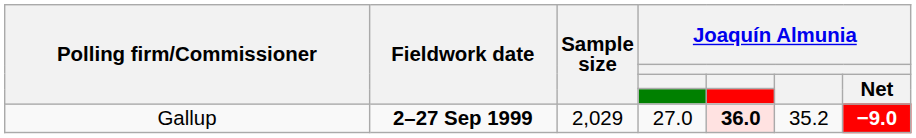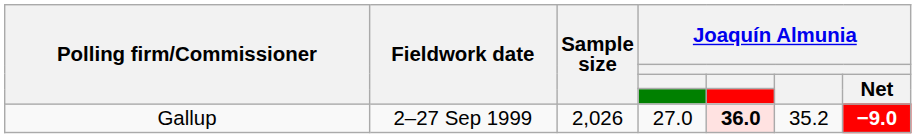 <table class="wikitable collapsible collapsed" style="text-align:center; font-size:90%; line-height:14px;">
 <tr style="height:42px;">
 <th style="width:250px;" rowspan="4">Polling firm/Commissioner</th>
 <th style="width:125px;" rowspan="4">Fieldwork date</th>
 <th style="width:50px;" rowspan="4">Sample size</th>
 <th style="width:185px;" colspan="4"><a href='#'>Joaquín Almunia</a><br></th>
 </tr>
 <tr>
 <th colspan="4" style="background:"></th>
 </tr>
 <tr>
 <th style="width:30px;"></th>
 <th style="width:30px;"></th>
 <th style="width:30px;" rowspan="2"></th>
 <th style="width:30px;" rowspan="2">Net</th>
 </tr>
 <tr>
 <th style="color:inherit;background:#008000;"></th>
 <th style="color:inherit;background:#FF0000;"></th>
 </tr>
 <tr>
 <td>Gallup</td>
-<td><strong>2–27 Sep 1999</strong></td>
-<td>2,029</td>
+<td>2–27 Sep 1999</td>
+<td>2,026</td>
 <td>27.0</td>
 <td style="background:#FFE2E1;"><strong>36.0</strong></td>
 <td>35.2</td>
 <td style="background:#FF0000; color:white;"><strong>−9.0</strong></td>
 </tr>
 </table>
